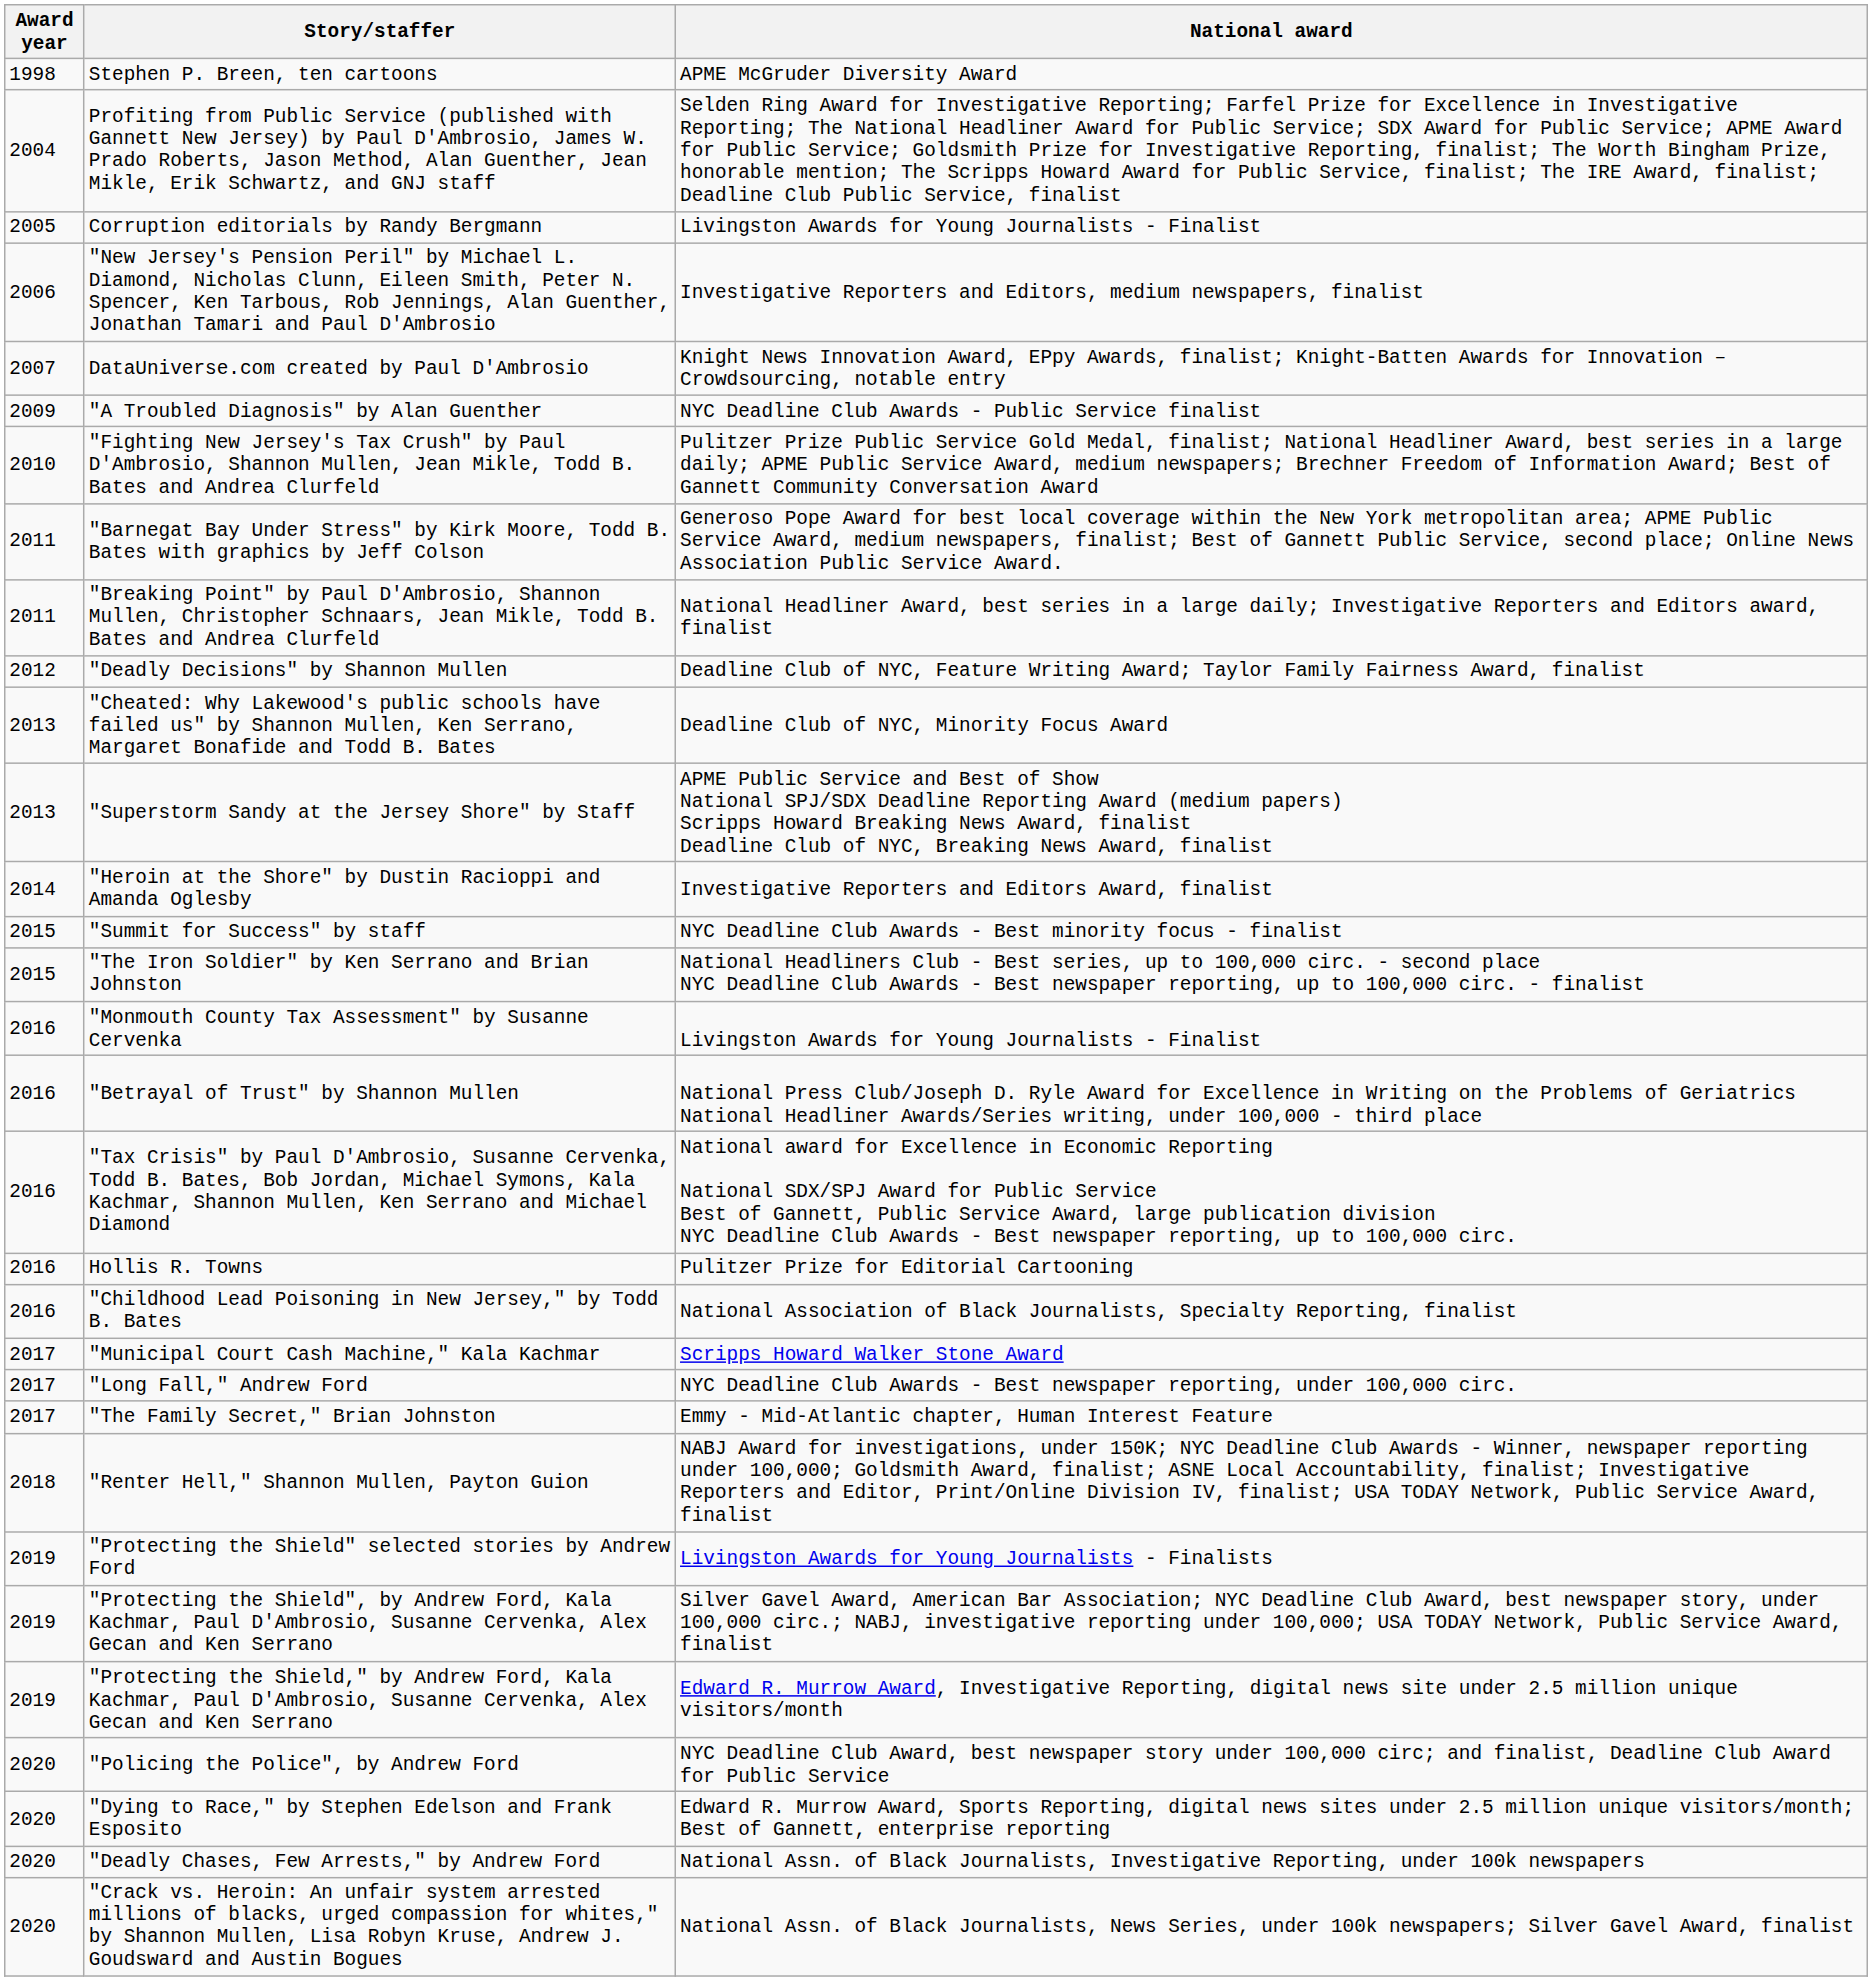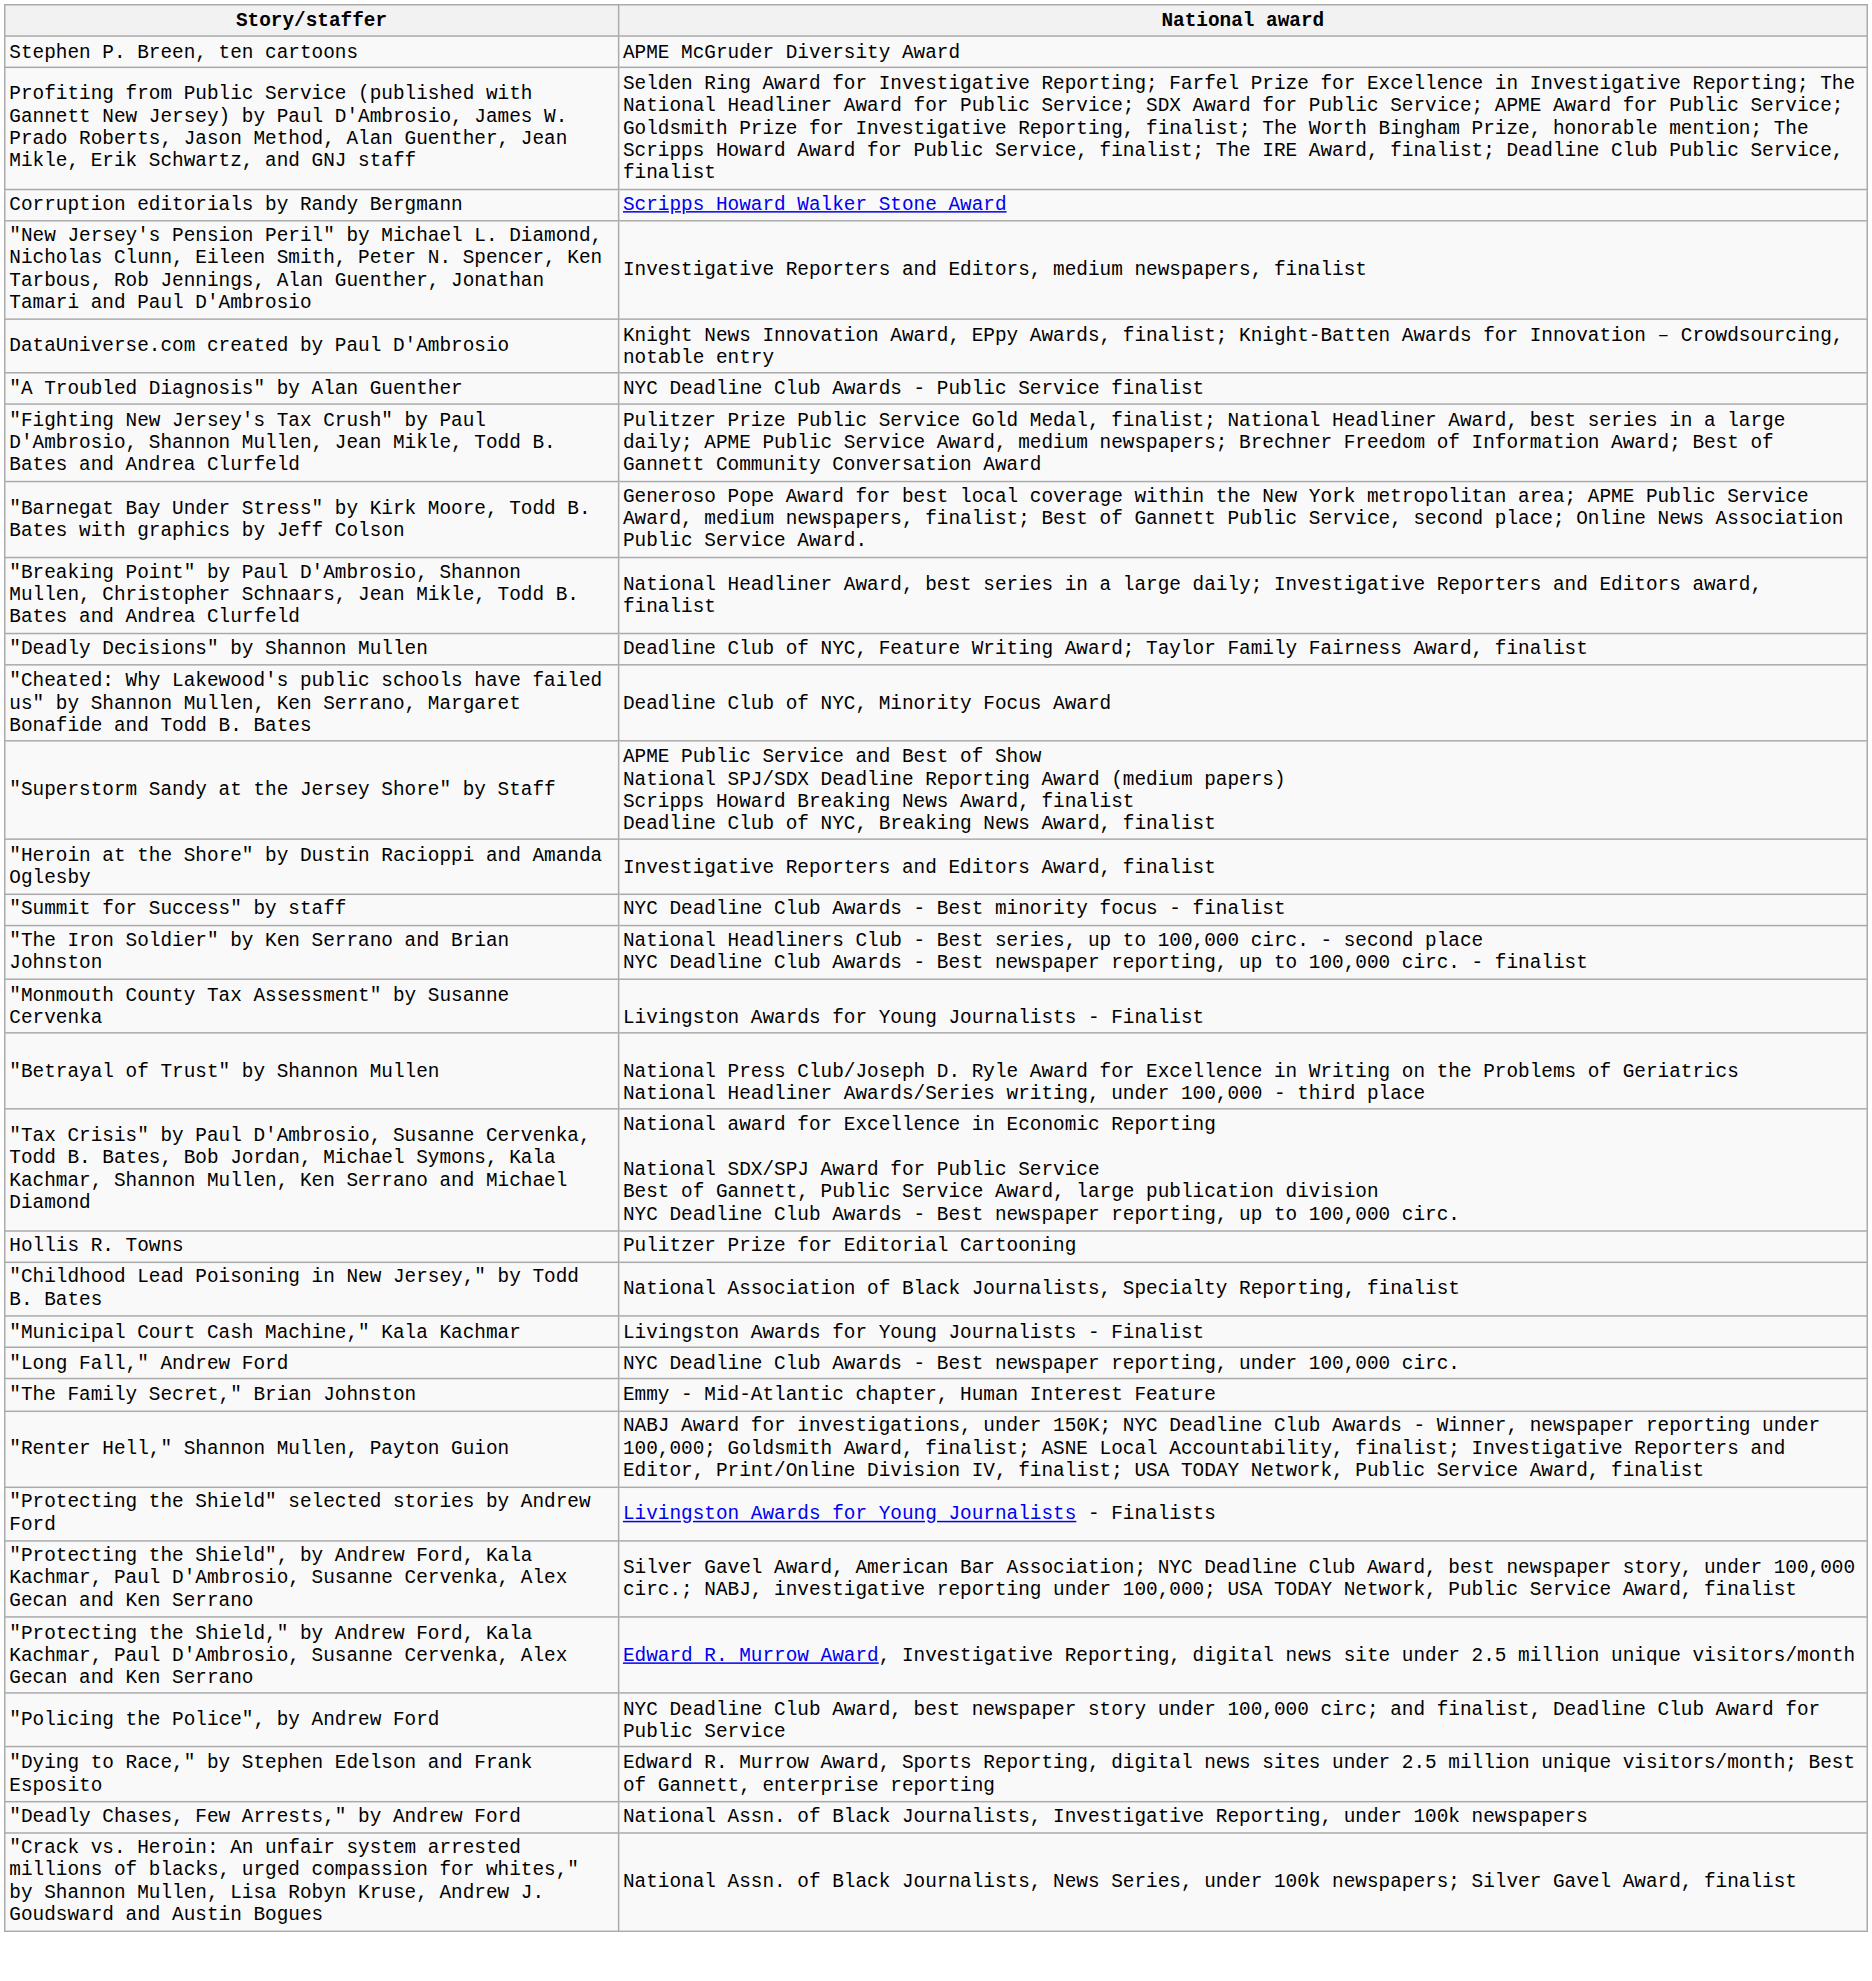 <table class="wikitable">
 <tr>
-<th>Award year</th>
 <th>Story/staffer</th>
 <th>National award</th>
 </tr>
 <tr>
-<td>1998</td>
 <td>Stephen P. Breen, ten cartoons</td>
 <td>APME McGruder Diversity Award</td>
 </tr>
 <tr>
-<td>2004</td>
 <td>Profiting from Public Service (published with Gannett New Jersey) by Paul D'Ambrosio, James W. Prado Roberts, Jason Method, Alan Guenther, Jean Mikle, Erik Schwartz, and GNJ staff</td>
 <td>Selden Ring Award for Investigative Reporting; Farfel Prize for Excellence in Investigative Reporting; The National Headliner Award for Public Service; SDX Award for Public Service; APME Award for Public Service; Goldsmith Prize for Investigative Reporting, finalist; The Worth Bingham Prize, honorable mention; The Scripps Howard Award for Public Service, finalist; The IRE Award, finalist; Deadline Club Public Service, finalist</td>
 </tr>
 <tr>
-<td>2005</td>
 <td>Corruption editorials by Randy Bergmann</td>
-<td>Livingston Awards for Young Journalists - Finalist</td>
+<td><a href='#'>Scripps Howard Walker Stone Award</a></td>
 </tr>
 <tr>
-<td>2006</td>
 <td>"New Jersey's Pension Peril" by Michael L. Diamond, Nicholas Clunn, Eileen Smith, Peter N. Spencer, Ken Tarbous, Rob Jennings, Alan Guenther, Jonathan Tamari and Paul D'Ambrosio</td>
 <td>Investigative Reporters and Editors, medium newspapers, finalist</td>
 </tr>
 <tr>
-<td>2007</td>
 <td>DataUniverse.com created by Paul D'Ambrosio</td>
 <td>Knight News Innovation Award, EPpy Awards, finalist; Knight-Batten Awards for Innovation – Crowdsourcing, notable entry</td>
 </tr>
 <tr>
-<td>2009</td>
 <td>"A Troubled Diagnosis" by Alan Guenther</td>
 <td>NYC Deadline Club Awards - Public Service finalist</td>
 </tr>
 <tr>
-<td>2010</td>
 <td>"Fighting New Jersey's Tax Crush" by Paul D'Ambrosio, Shannon Mullen, Jean Mikle, Todd B. Bates and Andrea Clurfeld</td>
 <td>Pulitzer Prize Public Service Gold Medal, finalist; National Headliner Award, best series in a large daily; APME Public Service Award, medium newspapers; Brechner Freedom of Information Award; Best of Gannett Community Conversation Award</td>
 </tr>
 <tr>
-<td>2011</td>
 <td>"Barnegat Bay Under Stress" by Kirk Moore, Todd B. Bates with graphics by Jeff Colson</td>
 <td>Generoso Pope Award for best local coverage within the New York metropolitan area; APME Public Service Award, medium newspapers, finalist; Best of Gannett Public Service, second place; Online News Association Public Service Award.</td>
 </tr>
 <tr>
-<td>2011</td>
 <td>"Breaking Point" by Paul D'Ambrosio, Shannon Mullen, Christopher Schnaars, Jean Mikle, Todd B. Bates and Andrea Clurfeld</td>
 <td>National Headliner Award, best series in a large daily; Investigative Reporters and Editors award, finalist</td>
 </tr>
 <tr>
-<td>2012</td>
 <td>"Deadly Decisions" by Shannon Mullen</td>
 <td>Deadline Club of NYC, Feature Writing Award; Taylor Family Fairness Award, finalist</td>
 </tr>
 <tr>
-<td>2013</td>
 <td>"Cheated: Why Lakewood's public schools have failed us" by Shannon Mullen, Ken Serrano, Margaret Bonafide and Todd B. Bates</td>
 <td>Deadline Club of NYC, Minority Focus Award</td>
 </tr>
 <tr>
-<td>2013</td>
 <td>"Superstorm Sandy at the Jersey Shore" by Staff</td>
 <td>APME Public Service and Best of Show<br> National SPJ/SDX Deadline Reporting Award (medium papers)<br> Scripps Howard Breaking News Award, finalist<br> Deadline Club of NYC, Breaking News Award, finalist</td>
 </tr>
 <tr>
-<td>2014</td>
 <td>"Heroin at the Shore" by Dustin Racioppi and Amanda Oglesby</td>
 <td>Investigative Reporters and Editors Award, finalist</td>
 </tr>
 <tr>
-<td>2015</td>
 <td>"Summit for Success" by staff</td>
 <td>NYC Deadline Club Awards - Best minority focus - finalist</td>
 </tr>
 <tr>
-<td>2015</td>
 <td>"The Iron Soldier" by Ken Serrano and Brian Johnston</td>
 <td>National Headliners Club - Best series, up to 100,000 circ. - second place<br> NYC Deadline Club Awards - Best newspaper reporting, up to 100,000 circ. - finalist</td>
 </tr>
 <tr>
-<td>2016</td>
 <td>"Monmouth County Tax Assessment" by Susanne Cervenka</td>
 <td><br>Livingston Awards for Young Journalists - Finalist<br></td>
 </tr>
 <tr>
-<td>2016</td>
 <td>"Betrayal of Trust" by Shannon Mullen</td>
 <td><br>National Press Club/Joseph D. Ryle Award for Excellence in Writing on the Problems of Geriatrics<br> National Headliner Awards/Series writing, under 100,000 - third place<br></td>
 </tr>
 <tr>
-<td>2016</td>
 <td>"Tax Crisis" by Paul D'Ambrosio, Susanne Cervenka, Todd B. Bates, Bob Jordan, Michael Symons, Kala Kachmar, Shannon Mullen, Ken Serrano and Michael Diamond</td>
 <td>National award for Excellence in Economic Reporting<br><br>National SDX/SPJ Award for Public Service<br> Best of Gannett, Public Service Award, large publication division<br> NYC Deadline Club Awards - Best newspaper reporting, up to 100,000 circ.</td>
 </tr>
 <tr>
-<td>2016</td>
 <td>Hollis R. Towns</td>
 <td>Pulitzer Prize for Editorial Cartooning</td>
 </tr>
 <tr>
-<td>2016</td>
 <td>"Childhood Lead Poisoning in New Jersey," by Todd B. Bates</td>
 <td>National Association of Black Journalists, Specialty Reporting, finalist</td>
 </tr>
 <tr>
-<td>2017</td>
 <td>"Municipal Court Cash Machine," Kala Kachmar</td>
-<td><a href='#'>Scripps Howard Walker Stone Award</a></td>
+<td>Livingston Awards for Young Journalists - Finalist</td>
 </tr>
 <tr>
-<td>2017</td>
 <td>"Long Fall," Andrew Ford</td>
 <td>NYC Deadline Club Awards - Best newspaper reporting, under 100,000 circ.</td>
 </tr>
 <tr>
-<td>2017</td>
 <td>"The Family Secret," Brian Johnston</td>
 <td>Emmy - Mid-Atlantic chapter, Human Interest Feature</td>
 </tr>
 <tr>
-<td>2018</td>
 <td>"Renter Hell," Shannon Mullen, Payton Guion</td>
 <td>NABJ Award for investigations, under 150K; NYC Deadline Club Awards - Winner, newspaper reporting under 100,000; Goldsmith Award, finalist; ASNE Local Accountability, finalist; Investigative Reporters and Editor, Print/Online Division IV, finalist; USA TODAY Network, Public Service Award, finalist</td>
 </tr>
 <tr>
-<td>2019</td>
 <td>"Protecting the Shield" selected stories by Andrew Ford</td>
 <td><a href='#'>Livingston Awards for Young Journalists</a> - Finalists</td>
 </tr>
 <tr>
-<td>2019</td>
 <td>"Protecting the Shield", by Andrew Ford, Kala Kachmar, Paul D'Ambrosio, Susanne Cervenka, Alex Gecan and Ken Serrano</td>
 <td>Silver Gavel Award, American Bar Association; NYC Deadline Club Award, best newspaper story, under 100,000 circ.; NABJ, investigative reporting under 100,000; USA TODAY Network, Public Service Award, finalist</td>
 </tr>
 <tr>
-<td>2019</td>
 <td>"Protecting the Shield," by Andrew Ford, Kala Kachmar, Paul D'Ambrosio, Susanne Cervenka, Alex Gecan and Ken Serrano</td>
 <td><a href='#'>Edward R. Murrow Award</a>, Investigative Reporting, digital news site under 2.5 million unique visitors/month</td>
 </tr>
 <tr>
-<td>2020</td>
 <td>"Policing the Police", by Andrew Ford</td>
 <td>NYC Deadline Club Award, best newspaper story under 100,000 circ; and finalist, Deadline Club Award for Public Service</td>
 </tr>
 <tr>
-<td>2020</td>
 <td>"Dying to Race," by Stephen Edelson and Frank Esposito</td>
 <td>Edward R. Murrow Award, Sports Reporting, digital news sites under 2.5 million unique visitors/month; Best of Gannett, enterprise reporting</td>
 </tr>
 <tr>
-<td>2020</td>
 <td>"Deadly Chases, Few Arrests," by Andrew Ford</td>
 <td>National Assn. of Black Journalists, Investigative Reporting, under 100k newspapers</td>
 </tr>
 <tr>
-<td>2020</td>
 <td>"Crack vs. Heroin: An unfair system arrested millions of blacks, urged compassion for whites," by Shannon Mullen, Lisa Robyn Kruse, Andrew J. Goudsward and Austin Bogues</td>
 <td>National Assn. of Black Journalists, News Series, under 100k newspapers; Silver Gavel Award, finalist</td>
 </tr>
 </table>
